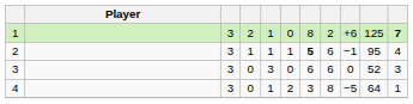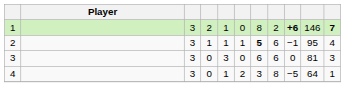 <table class="wikitable" style="text-align:center;">
 <tr>
 <th width=20></th>
 <th width=260>Player</th>
 <th width=20></th>
 <th width=20></th>
 <th width=20></th>
 <th width=20></th>
 <th width=20></th>
 <th width=20></th>
 <th width=20></th>
 <th width=30></th>
 <th width=20></th>
 </tr>
 <tr style="background:#D0F0C0;">
 <td>1</td>
 <td align=left> <small></small></td>
 <td>3</td>
 <td>2</td>
 <td>1</td>
 <td>0</td>
 <td>8</td>
 <td>2</td>
-<td>+6</td>
-<td>125</td>
+<td><strong>+6</strong></td>
+<td>146</td>
 <td><strong>7</strong></td>
 </tr>
 <tr>
 <td>2</td>
 <td align=left> <small></small></td>
 <td>3</td>
 <td>1</td>
 <td>1</td>
 <td>1</td>
 <td><strong>5</strong></td>
 <td>6</td>
 <td>−1</td>
 <td>95</td>
 <td>4</td>
 </tr>
 <tr>
 <td>3</td>
 <td align=left> <small></small></td>
 <td>3</td>
 <td>0</td>
 <td>3</td>
 <td>0</td>
 <td>6</td>
 <td>6</td>
 <td>0</td>
-<td>52</td>
+<td>81</td>
 <td>3</td>
 </tr>
 <tr>
 <td>4</td>
 <td align=left> <small></small></td>
 <td>3</td>
 <td>0</td>
 <td>1</td>
 <td>2</td>
 <td>3</td>
 <td>8</td>
 <td>−5</td>
 <td>64</td>
 <td>1</td>
 </tr>
 <tr>
 </tr>
 </table>
